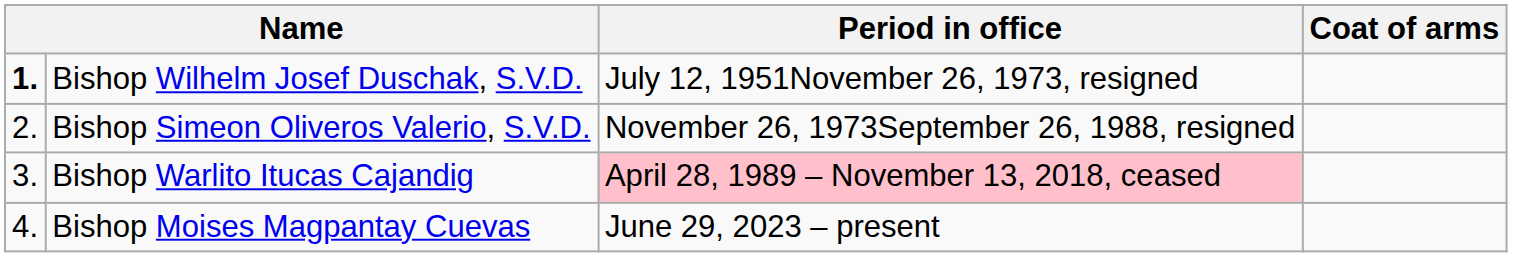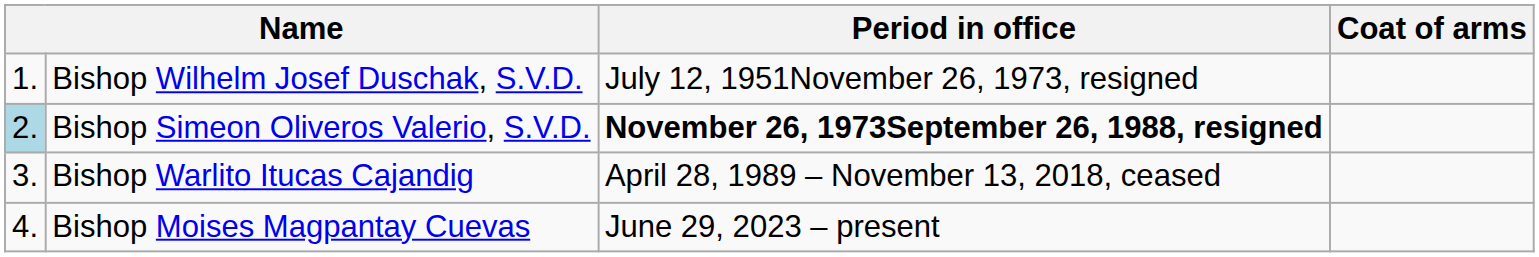 <table class="wikitable">
 <tr>
 <th colspan="2">Name</th>
 <th>Period in office</th>
 <th>Coat of arms</th>
 </tr>
 <tr>
-<td><strong>1.</strong></td>
+<td>1.</td>
 <td>Bishop <a href='#'>Wilhelm Josef Duschak</a>, <a href='#'>S.V.D.</a></td>
 <td>July 12, 1951November 26, 1973, resigned</td>
 <td></td>
 </tr>
 <tr>
-<td>2.</td>
+<td style="background: lightblue;">2.</td>
 <td>Bishop <a href='#'>Simeon Oliveros Valerio</a>, <a href='#'>S.V.D.</a></td>
-<td>November 26, 1973September 26, 1988, resigned</td>
+<td><strong>November 26, 1973September 26, 1988, resigned</strong></td>
 <td></td>
 </tr>
 <tr>
 <td>3.</td>
 <td>Bishop <a href='#'>Warlito Itucas Cajandig</a></td>
-<td style="background: pink;">April 28, 1989 – November 13, 2018, ceased</td>
+<td>April 28, 1989 – November 13, 2018, ceased</td>
 <td></td>
 </tr>
 <tr>
 <td>4.</td>
 <td>Bishop <a href='#'>Moises  Magpantay Cuevas</a></td>
 <td>June 29, 2023 – present</td>
 <td></td>
 </tr>
 </table>
